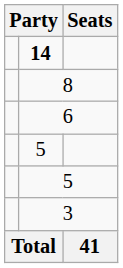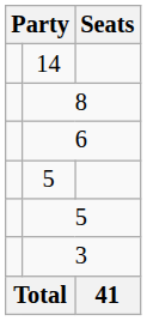 <table class="wikitable">
 <tr>
 <th colspan=2>Party</th>
 <th>Seats</th>
 </tr>
 <tr>
 <td></td>
-<td align=center><strong>14</strong></td>
+<td align=center>14</td>
 </tr>
 <tr>
 <td></td>
 <td align=center colspan=2>8</td>
 </tr>
 <tr>
 <td></td>
 <td align=center colspan=2>6</td>
 </tr>
 <tr>
 <td></td>
 <td align=center>5</td>
 </tr>
 <tr>
 <td></td>
 <td align=center colspan=2>5</td>
 </tr>
 <tr>
 <td></td>
 <td align=center colspan=2>3</td>
 </tr>
 <tr>
 <th colspan=2>Total</th>
 <th align=center colspan=2>41</th>
 </tr>
 </table>
